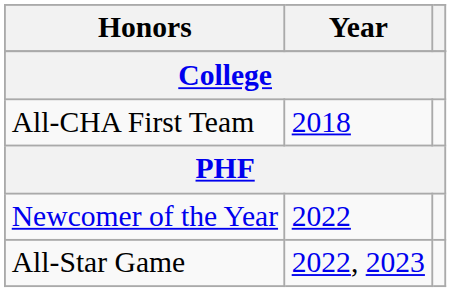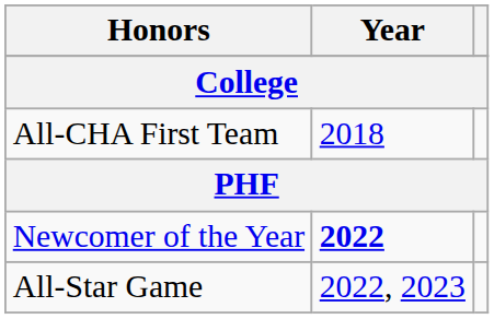 <table class="wikitable">
 <tr>
 <th>Honors</th>
 <th>Year</th>
 <th></th>
 </tr>
 <tr>
 </tr>
 <tr>
 <th colspan="3"><a href='#'>College</a></th>
 </tr>
 <tr>
 <td>All-CHA First Team</td>
 <td><a href='#'>2018</a></td>
 <td></td>
 </tr>
 <tr>
 <th colspan="3"><a href='#'>PHF</a></th>
 </tr>
 <tr>
 <td><a href='#'>Newcomer of the Year</a></td>
-<td><a href='#'>2022</a></td>
+<td><strong><a href='#'>2022</a></strong></td>
 <td></td>
 </tr>
 <tr>
 <td>All-Star Game</td>
 <td><a href='#'>2022</a>, <a href='#'>2023</a></td>
 <td></td>
 </tr>
 </table>
